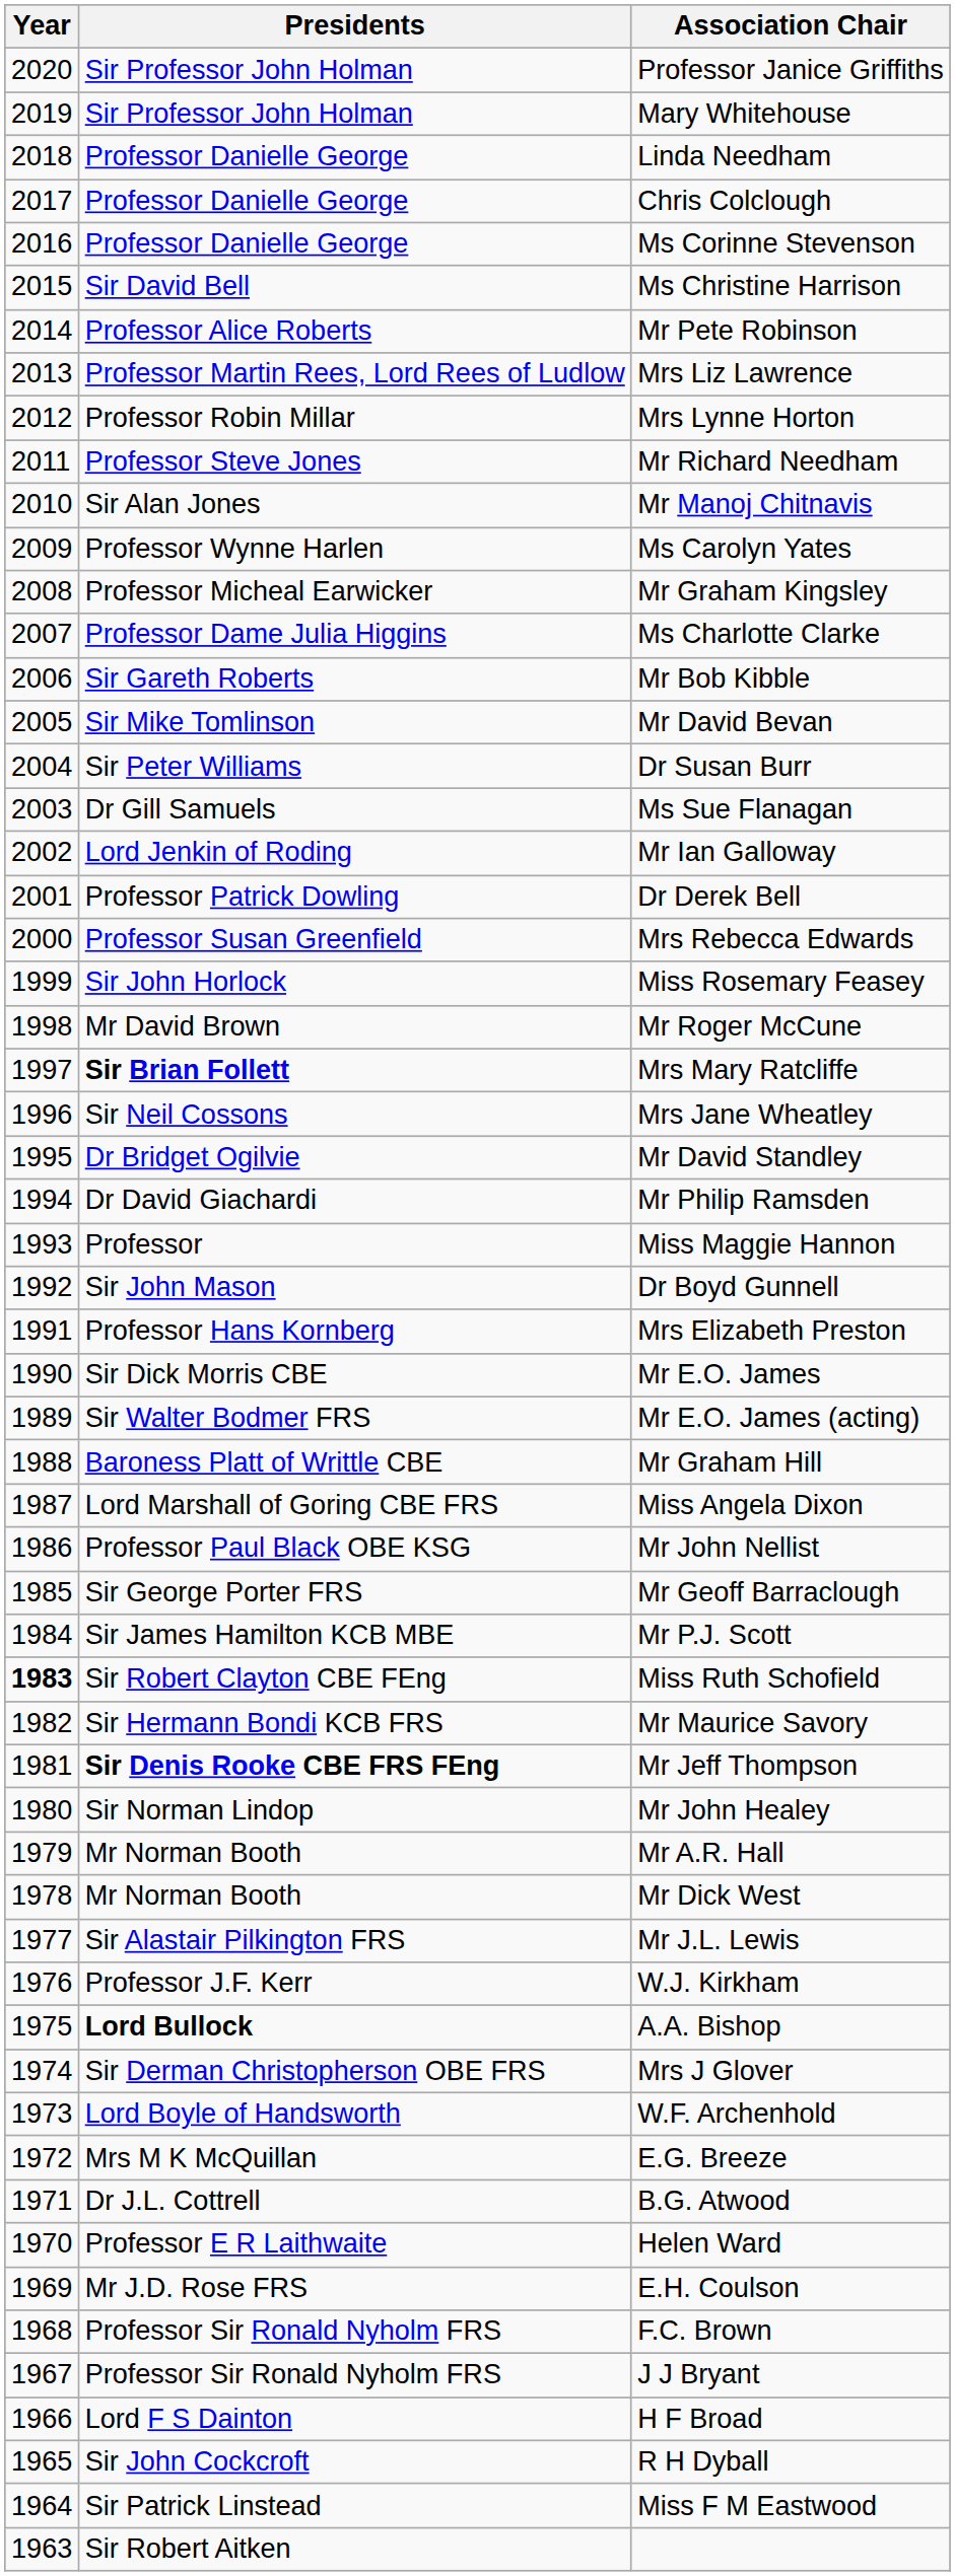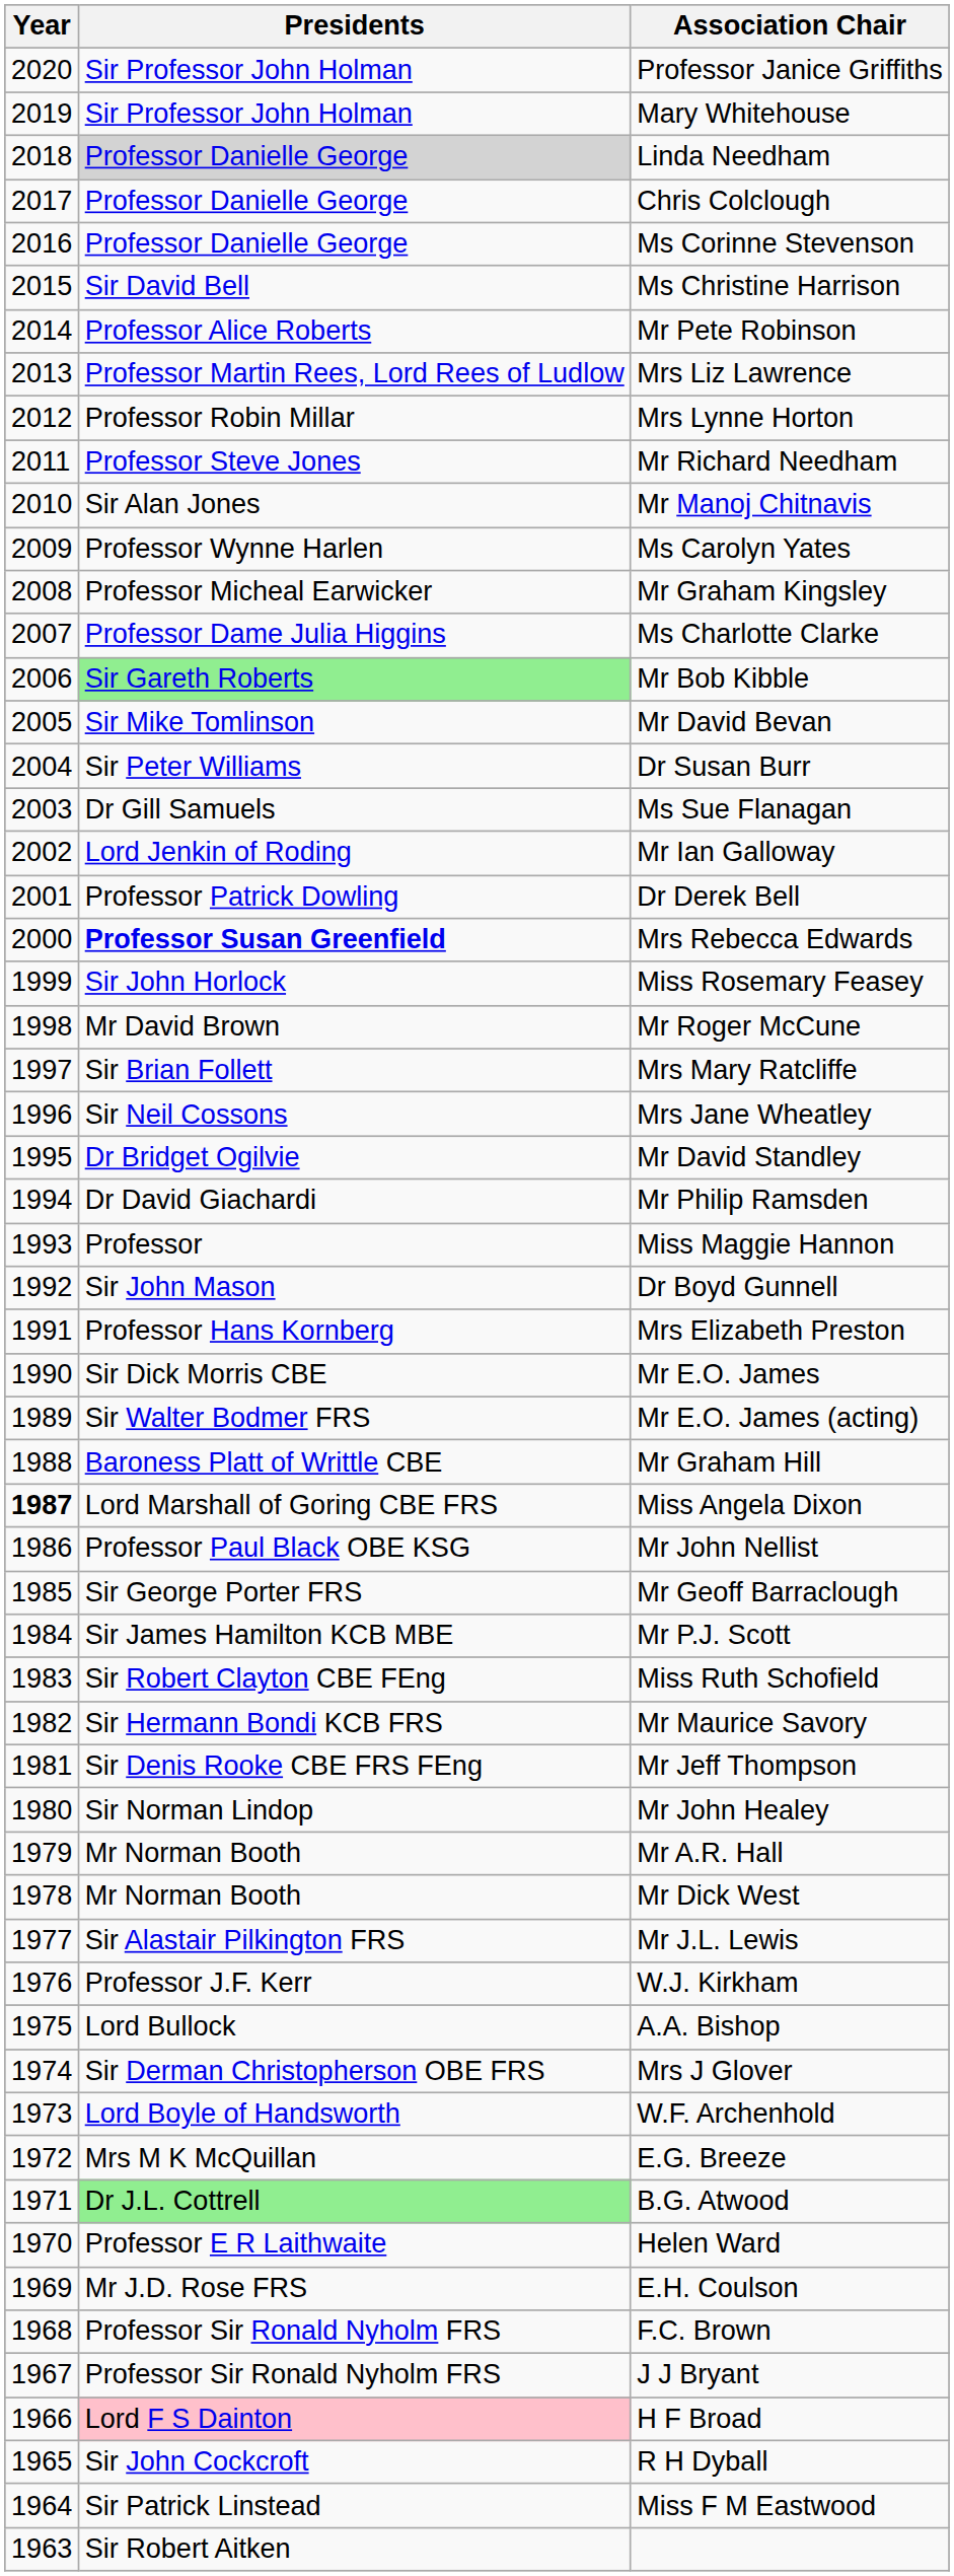 <table class="wikitable">
 <tr>
 <th>Year</th>
 <th>Presidents</th>
 <th>Association Chair</th>
 </tr>
 <tr>
 <td>2020</td>
 <td><a href='#'>Sir Professor John Holman</a></td>
 <td>Professor Janice Griffiths</td>
 </tr>
 <tr>
 <td>2019</td>
 <td><a href='#'>Sir Professor John Holman</a></td>
 <td>Mary Whitehouse</td>
 </tr>
 <tr>
 <td>2018</td>
-<td><a href='#'>Professor Danielle George</a></td>
+<td style="background: lightgrey;"><a href='#'>Professor Danielle George</a></td>
 <td>Linda Needham</td>
 </tr>
 <tr>
 <td>2017</td>
 <td><a href='#'>Professor Danielle George</a></td>
 <td>Chris Colclough</td>
 </tr>
 <tr>
 <td>2016</td>
 <td><a href='#'>Professor Danielle George</a></td>
 <td>Ms Corinne Stevenson</td>
 </tr>
 <tr>
 <td>2015</td>
 <td><a href='#'>Sir David Bell</a></td>
 <td>Ms Christine Harrison</td>
 </tr>
 <tr>
 <td>2014</td>
 <td><a href='#'>Professor Alice Roberts</a></td>
 <td>Mr Pete Robinson</td>
 </tr>
 <tr>
 <td>2013</td>
 <td><a href='#'>Professor Martin Rees, Lord Rees of Ludlow</a></td>
 <td>Mrs Liz Lawrence</td>
 </tr>
 <tr>
 <td>2012</td>
 <td>Professor Robin Millar</td>
 <td>Mrs Lynne Horton</td>
 </tr>
 <tr>
 <td>2011</td>
 <td><a href='#'>Professor Steve Jones</a></td>
 <td>Mr Richard Needham</td>
 </tr>
 <tr>
 <td>2010</td>
 <td>Sir Alan Jones</td>
 <td>Mr <a href='#'>Manoj Chitnavis</a></td>
 </tr>
 <tr>
 <td>2009</td>
 <td>Professor Wynne Harlen</td>
 <td>Ms Carolyn Yates</td>
 </tr>
 <tr>
 <td>2008</td>
 <td>Professor Micheal Earwicker</td>
 <td>Mr Graham Kingsley</td>
 </tr>
 <tr>
 <td>2007</td>
 <td><a href='#'>Professor Dame Julia Higgins</a></td>
 <td>Ms Charlotte Clarke</td>
 </tr>
 <tr>
 <td>2006</td>
-<td><a href='#'>Sir Gareth Roberts</a></td>
+<td style="background: lightgreen;"><a href='#'>Sir Gareth Roberts</a></td>
 <td>Mr Bob Kibble</td>
 </tr>
 <tr>
 <td>2005</td>
 <td><a href='#'>Sir Mike Tomlinson</a></td>
 <td>Mr David Bevan</td>
 </tr>
 <tr>
 <td>2004</td>
 <td>Sir <a href='#'>Peter Williams</a></td>
 <td>Dr Susan Burr</td>
 </tr>
 <tr>
 <td>2003</td>
 <td>Dr Gill Samuels</td>
 <td>Ms Sue Flanagan</td>
 </tr>
 <tr>
 <td>2002</td>
 <td><a href='#'>Lord Jenkin of Roding</a></td>
 <td>Mr Ian Galloway</td>
 </tr>
 <tr>
 <td>2001</td>
 <td>Professor <a href='#'>Patrick Dowling</a></td>
 <td>Dr Derek Bell</td>
 </tr>
 <tr>
 <td>2000</td>
-<td><a href='#'>Professor Susan Greenfield</a></td>
+<td><strong><a href='#'>Professor Susan Greenfield</a></strong></td>
 <td>Mrs Rebecca Edwards</td>
 </tr>
 <tr>
 <td>1999</td>
 <td><a href='#'>Sir John Horlock</a></td>
 <td>Miss Rosemary Feasey</td>
 </tr>
 <tr>
 <td>1998</td>
 <td>Mr David Brown</td>
 <td>Mr Roger McCune</td>
 </tr>
 <tr>
 <td>1997</td>
-<td><strong>Sir <a href='#'>Brian Follett</a></strong></td>
+<td>Sir <a href='#'>Brian Follett</a></td>
 <td>Mrs Mary Ratcliffe</td>
 </tr>
 <tr>
 <td>1996</td>
 <td>Sir <a href='#'>Neil Cossons</a></td>
 <td>Mrs Jane Wheatley</td>
 </tr>
 <tr>
 <td>1995</td>
 <td><a href='#'>Dr Bridget Ogilvie</a></td>
 <td>Mr David Standley</td>
 </tr>
 <tr>
 <td>1994</td>
 <td>Dr David Giachardi</td>
 <td>Mr Philip Ramsden</td>
 </tr>
 <tr>
 <td>1993</td>
 <td>Professor </td>
 <td>Miss Maggie Hannon</td>
 </tr>
 <tr>
 <td>1992</td>
 <td>Sir <a href='#'>John Mason</a></td>
 <td>Dr Boyd Gunnell</td>
 </tr>
 <tr>
 <td>1991</td>
 <td>Professor <a href='#'>Hans Kornberg</a></td>
 <td>Mrs Elizabeth Preston</td>
 </tr>
 <tr>
 <td>1990</td>
 <td>Sir Dick Morris CBE</td>
 <td>Mr E.O. James</td>
 </tr>
 <tr>
 <td>1989</td>
 <td>Sir <a href='#'>Walter Bodmer</a> FRS</td>
 <td>Mr E.O. James (acting)</td>
 </tr>
 <tr>
 <td>1988</td>
 <td><a href='#'>Baroness Platt of Writtle</a> CBE</td>
 <td>Mr Graham Hill</td>
 </tr>
 <tr>
-<td>1987</td>
+<td><strong>1987</strong></td>
 <td>Lord Marshall of Goring CBE FRS</td>
 <td>Miss Angela Dixon</td>
 </tr>
 <tr>
 <td>1986</td>
 <td>Professor <a href='#'>Paul Black</a> OBE KSG</td>
 <td>Mr John Nellist</td>
 </tr>
 <tr>
 <td>1985</td>
 <td>Sir George Porter FRS</td>
 <td>Mr Geoff Barraclough</td>
 </tr>
 <tr>
 <td>1984</td>
 <td>Sir James Hamilton KCB MBE</td>
 <td>Mr P.J. Scott</td>
 </tr>
 <tr>
-<td><strong>1983</strong></td>
+<td>1983</td>
 <td>Sir <a href='#'>Robert Clayton</a> CBE FEng</td>
 <td>Miss Ruth Schofield</td>
 </tr>
 <tr>
 <td>1982</td>
 <td>Sir <a href='#'>Hermann Bondi</a> KCB FRS</td>
 <td>Mr Maurice Savory</td>
 </tr>
 <tr>
 <td>1981</td>
-<td><strong>Sir <a href='#'>Denis Rooke</a> CBE FRS FEng</strong></td>
+<td>Sir <a href='#'>Denis Rooke</a> CBE FRS FEng</td>
 <td>Mr Jeff Thompson</td>
 </tr>
 <tr>
 <td>1980</td>
 <td>Sir Norman Lindop</td>
 <td>Mr John Healey</td>
 </tr>
 <tr>
 <td>1979</td>
 <td>Mr Norman Booth</td>
 <td>Mr A.R. Hall</td>
 </tr>
 <tr>
 <td>1978</td>
 <td>Mr Norman Booth</td>
 <td>Mr Dick West</td>
 </tr>
 <tr>
 <td>1977</td>
 <td>Sir <a href='#'>Alastair Pilkington</a> FRS</td>
 <td>Mr J.L. Lewis</td>
 </tr>
 <tr>
 <td>1976</td>
 <td>Professor J.F. Kerr</td>
 <td>W.J. Kirkham</td>
 </tr>
 <tr>
 <td>1975</td>
-<td><strong>Lord Bullock</strong></td>
+<td>Lord Bullock</td>
 <td>A.A. Bishop</td>
 </tr>
 <tr>
 <td>1974</td>
 <td>Sir <a href='#'>Derman Christopherson</a> OBE FRS</td>
 <td>Mrs J Glover</td>
 </tr>
 <tr>
 <td>1973</td>
 <td><a href='#'>Lord Boyle of Handsworth</a></td>
 <td>W.F. Archenhold</td>
 </tr>
 <tr>
 <td>1972</td>
 <td>Mrs M K McQuillan</td>
 <td>E.G. Breeze</td>
 </tr>
 <tr>
 <td>1971</td>
-<td>Dr J.L. Cottrell</td>
+<td style="background: lightgreen;">Dr J.L. Cottrell</td>
 <td>B.G. Atwood</td>
 </tr>
 <tr>
 <td>1970</td>
 <td>Professor <a href='#'>E R Laithwaite</a></td>
 <td>Helen Ward</td>
 </tr>
 <tr>
 <td>1969</td>
 <td>Mr J.D. Rose FRS</td>
 <td>E.H. Coulson</td>
 </tr>
 <tr>
 <td>1968</td>
 <td>Professor Sir <a href='#'>Ronald Nyholm</a> FRS</td>
 <td>F.C. Brown</td>
 </tr>
 <tr>
 <td>1967</td>
 <td>Professor Sir Ronald Nyholm FRS</td>
 <td>J J Bryant</td>
 </tr>
 <tr>
 <td>1966</td>
-<td>Lord <a href='#'>F S Dainton</a></td>
+<td style="background: pink;">Lord <a href='#'>F S Dainton</a></td>
 <td>H F Broad</td>
 </tr>
 <tr>
 <td>1965</td>
 <td>Sir <a href='#'>John Cockcroft</a></td>
 <td>R H Dyball</td>
 </tr>
 <tr>
 <td>1964</td>
 <td>Sir Patrick Linstead</td>
 <td>Miss F M Eastwood</td>
 </tr>
 <tr>
 <td>1963</td>
 <td>Sir Robert Aitken</td>
 <td></td>
 </tr>
 </table>
